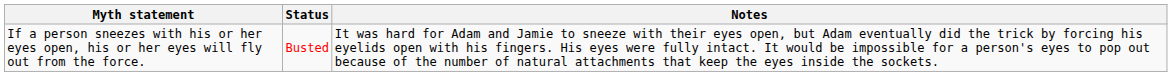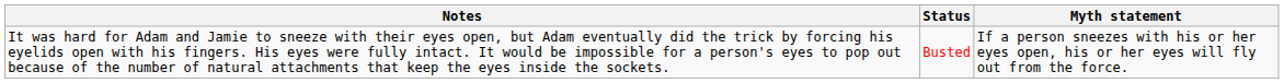 <table class="wikitable plainrowheaders">
 <tr>
+<th>Notes</th>
+<th>Status</th>
 <th>Myth statement</th>
-<th>Status</th>
-<th>Notes</th>
 </tr>
 <tr>
+<td>It was hard for Adam and Jamie to sneeze with their eyes open, but Adam eventually did the trick by forcing his eyelids open with his fingers. His eyes were fully intact. It would be impossible for a person's eyes to pop out because of the number of natural attachments that keep the eyes inside the sockets.</td>
+<td style="color:red">Busted</td>
 <td>If a person sneezes with his or her eyes open, his or her eyes will fly out from the force.</td>
-<td style="color:red">Busted</td>
-<td>It was hard for Adam and Jamie to sneeze with their eyes open, but Adam eventually did the trick by forcing his eyelids open with his fingers. His eyes were fully intact. It would be impossible for a person's eyes to pop out because of the number of natural attachments that keep the eyes inside the sockets.</td>
 </tr>
 </table>
